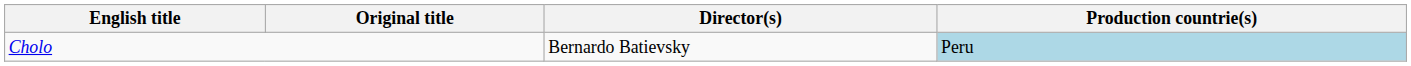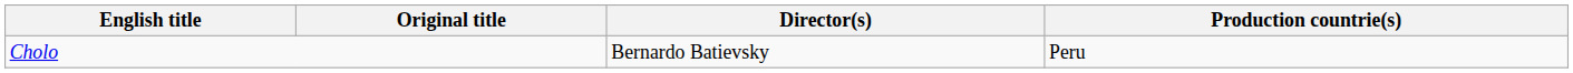 <table class="sortable wikitable" style="width:100%; margin-bottom:4px" cellpadding="5">
 <tr>
 <th scope="col">English title</th>
 <th scope="col">Original title</th>
 <th scope="col">Director(s)</th>
 <th scope="col">Production countrie(s)</th>
 </tr>
 <tr>
 <td colspan = "2"><a href='#'><em>Cholo</em></a></td>
 <td>Bernardo Batievsky</td>
-<td style="background: lightblue;">Peru</td>
+<td>Peru</td>
 </tr>
 </table>
